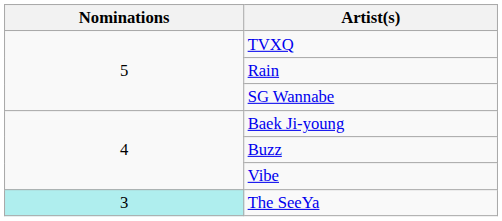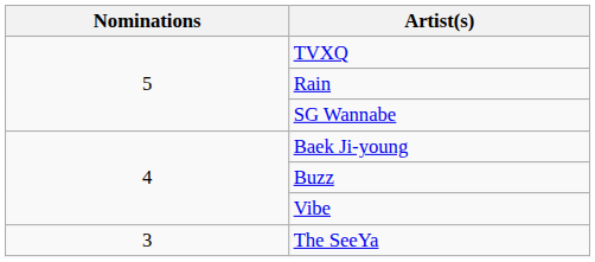 <table class="wikitable"  style="width:30%;">
 <tr>
 <th scope="col">Nominations</th>
 <th scope="col">Artist(s)</th>
 </tr>
 <tr>
 <td rowspan=3 align=center>5</td>
 <td><a href='#'>TVXQ</a></td>
 </tr>
 <tr>
 <td><a href='#'>Rain</a></td>
 </tr>
 <tr>
 <td><a href='#'>SG Wannabe</a></td>
 </tr>
 <tr>
 <td align=center rowspan=3>4</td>
 <td><a href='#'>Baek Ji-young</a></td>
 </tr>
 <tr>
 <td><a href='#'>Buzz</a></td>
 </tr>
 <tr>
 <td><a href='#'>Vibe</a></td>
 </tr>
 <tr>
-<td align=center style="background: paleturquoise;">3</td>
+<td align=center>3</td>
 <td><a href='#'>The SeeYa</a></td>
 </tr>
 </table>
